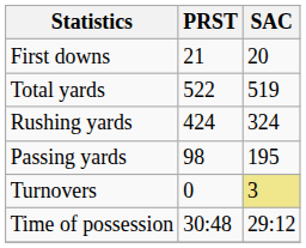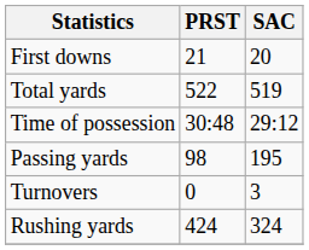 <table class="wikitable">
 <tr>
 <th>Statistics</th>
 <th>PRST</th>
 <th>SAC</th>
 </tr>
 <tr>
 <td>First downs</td>
 <td>21</td>
 <td>20</td>
 </tr>
 <tr>
 <td>Total yards</td>
 <td>522</td>
 <td>519</td>
 </tr>
 <tr>
-<td>Rushing yards</td>
-<td>424</td>
-<td>324</td>
+<td>Time of possession</td>
+<td>30:48</td>
+<td>29:12</td>
 </tr>
 <tr>
 <td>Passing yards</td>
 <td>98</td>
 <td>195</td>
 </tr>
 <tr>
 <td>Turnovers</td>
 <td>0</td>
-<td style="background: khaki;">3</td>
+<td>3</td>
 </tr>
 <tr>
-<td>Time of possession</td>
-<td>30:48</td>
-<td>29:12</td>
+<td>Rushing yards</td>
+<td>424</td>
+<td>324</td>
 </tr>
 <tr>
 </tr>
 </table>
